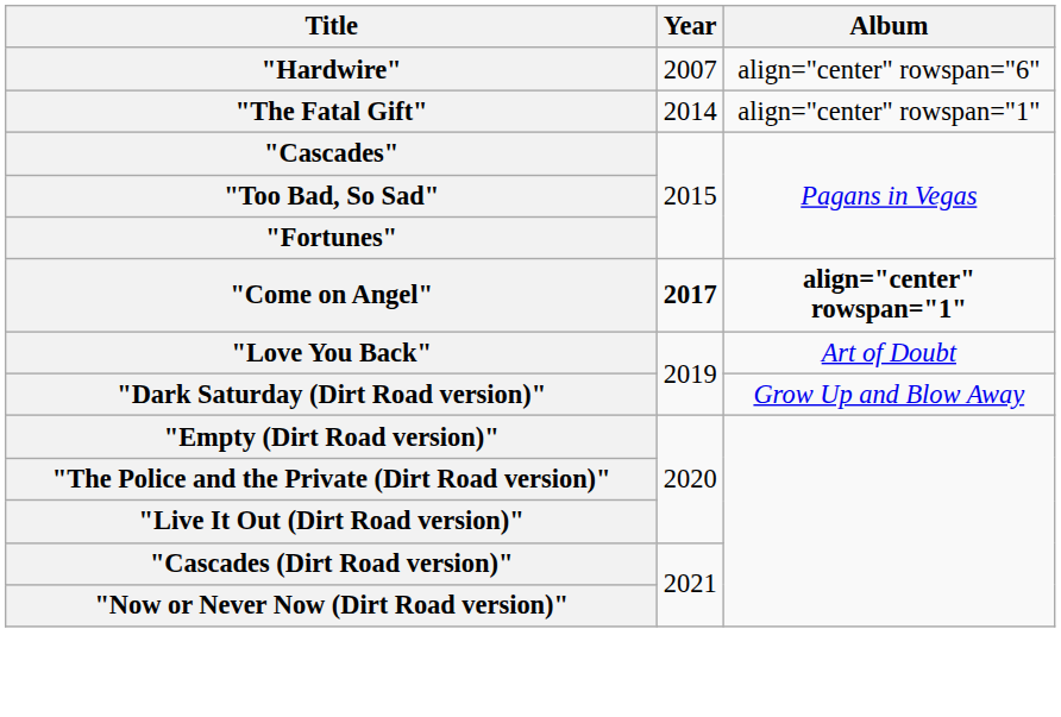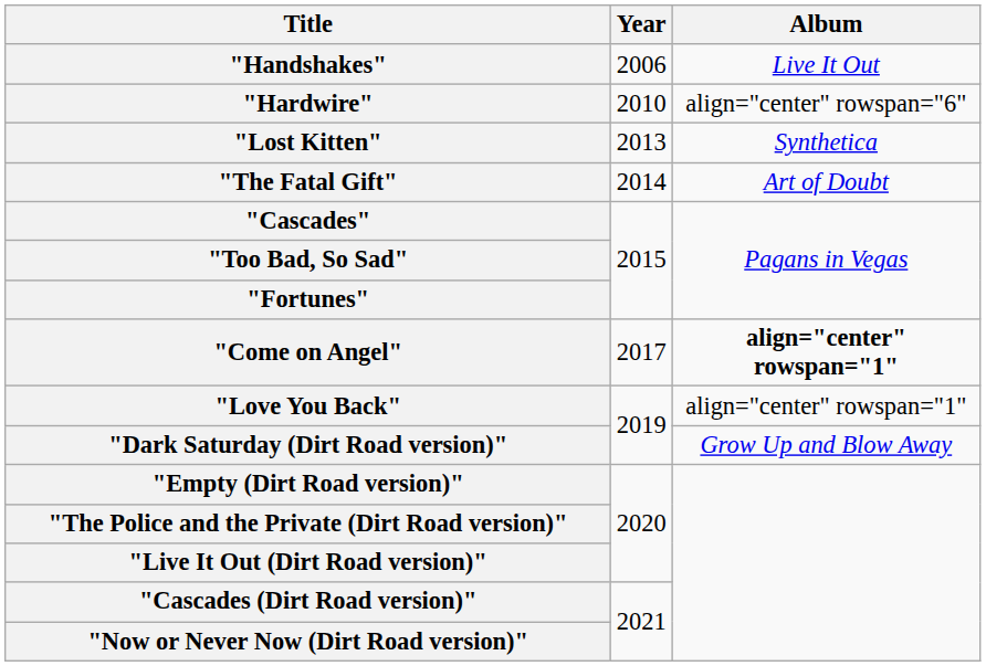 <table class="wikitable plainrowheaders" style="text-align:center;">
 <tr>
 <th scope="col" style="width:24em;">Title</th>
 <th scope="col" style="width:1em;">Year</th>
 <th scope="col" style="width:12em;">Album</th>
 </tr>
 <tr>
+<th scope="row">"Handshakes"</th>
+<td>2006</td>
+<td align="center"><em><a href='#'>Live It Out</a></em></td>
+</tr>
+<tr>
 <th scope="row">"Hardwire"</th>
-<td>2007</td>
+<td>2010</td>
 <td>align="center" rowspan="6" </td>
+</tr>
+<tr>
+<th scope="row">"Lost Kitten"</th>
+<td>2013</td>
+<td align="center"><em><a href='#'>Synthetica</a></em></td>
 </tr>
 <tr>
 <th scope="row">"The Fatal Gift"</th>
 <td>2014</td>
-<td>align="center" rowspan="1" </td>
+<td align="center"><em><a href='#'>Art of Doubt</a></em></td>
 </tr>
 <tr>
 <th scope="row">"Cascades"</th>
 <td rowspan="3">2015</td>
 <td rowspan="3" align="center"><em><a href='#'>Pagans in Vegas</a></em></td>
 </tr>
 <tr>
 <th scope="row">"Too Bad, So Sad"</th>
 </tr>
 <tr>
 <th scope="row">"Fortunes"</th>
 </tr>
 <tr>
 <th scope="row">"Come on Angel"</th>
-<td><strong>2017</strong></td>
+<td>2017</td>
 <td><strong>align="center" rowspan="1" </strong></td>
 </tr>
 <tr>
 <th scope="row">"Love You Back"</th>
 <td rowspan="2">2019</td>
-<td align="center"><em><a href='#'>Art of Doubt</a></em></td>
+<td>align="center" rowspan="1" </td>
 </tr>
 <tr>
 <th scope="row">"Dark Saturday (Dirt Road version)"</th>
 <td align="center"><em><a href='#'>Grow Up and Blow Away</a></em></td>
 </tr>
 <tr>
 <th scope="row">"Empty (Dirt Road version)"</th>
 <td rowspan="3">2020</td>
 </tr>
 <tr>
 <th scope="row">"The Police and the Private (Dirt Road version)"</th>
 </tr>
 <tr>
 <th scope="row">"Live It Out (Dirt Road version)"</th>
 </tr>
 <tr>
 <th scope="row">"Cascades (Dirt Road version)"</th>
 <td rowspan="2">2021</td>
 </tr>
 <tr>
 <th scope="row">"Now or Never Now (Dirt Road version)"</th>
 </tr>
 </table>
